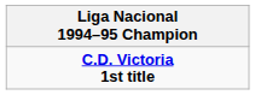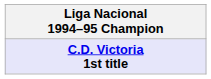 <table class="wikitable" style="text-align: center; margin: 0 auto; width: 20%">
 <tr>
 <th>Liga Nacional<br>1994–95 Champion</th>
 </tr>
 <tr>
-<td><strong><a href='#'>C.D. Victoria</a></strong><br><strong>1st title</strong></td>
+<td style="background: lavender;"><strong><a href='#'>C.D. Victoria</a></strong><br><strong>1st title</strong></td>
 </tr>
 </table>
